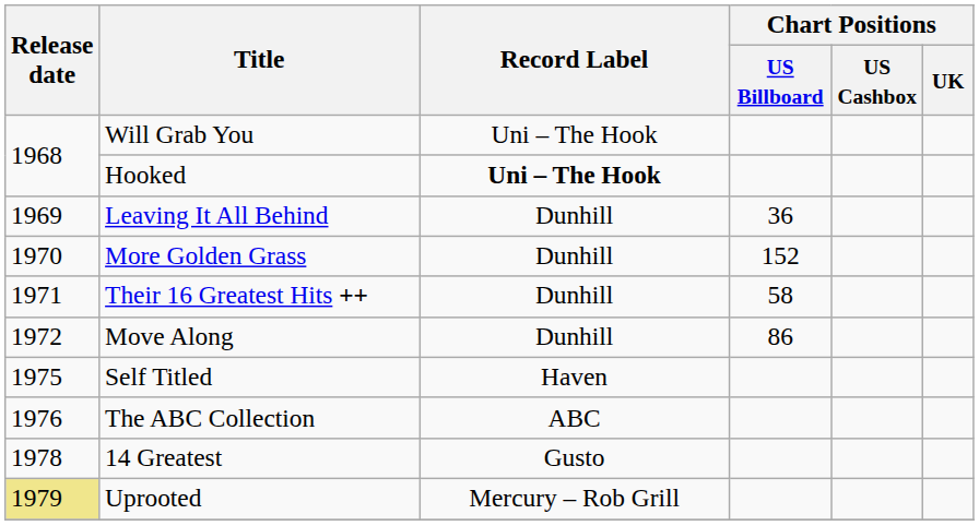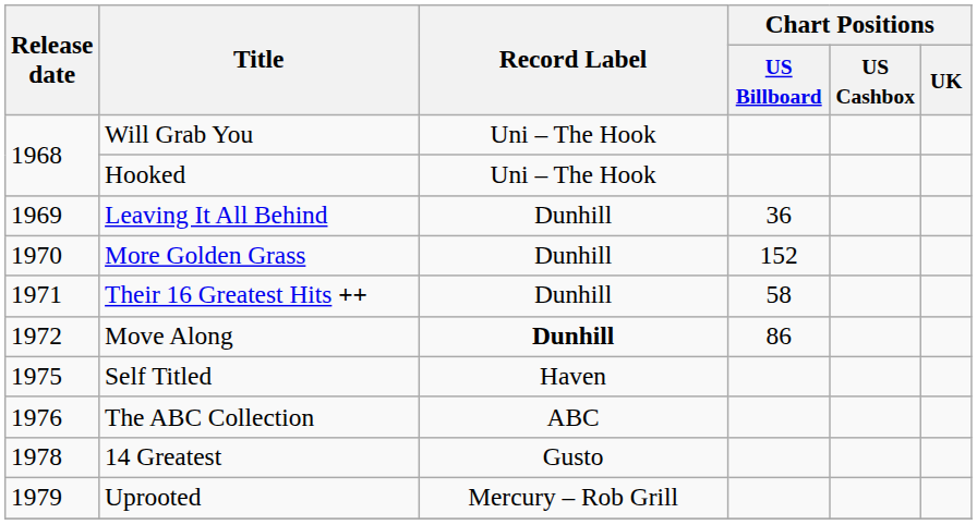 <table class="wikitable">
 <tr>
 <th width="20" rowspan="2">Release date</th>
 <th width="350" rowspan="2">Title</th>
 <th width="350" rowspan="2">Record Label</th>
 <th colspan="4">Chart Positions</th>
 </tr>
 <tr>
 <th width="60"><small><a href='#'>US Billboard</a></small></th>
 <th width="50"><small> US Cashbox </small></th>
 <th width="30"><small>UK</small></th>
 </tr>
 <tr>
 <td rowspan="2">1968</td>
 <td>Will Grab You</td>
 <td align="center">Uni – The Hook</td>
 <td align="center"></td>
 <td align="center"></td>
 <td align="center"></td>
 </tr>
 <tr>
 <td>Hooked</td>
-<td align="center"><strong>Uni – The Hook</strong></td>
+<td align="center">Uni – The Hook</td>
 <td align="center"></td>
 <td align="center"></td>
 <td align="center"></td>
 </tr>
 <tr>
 <td rowspan="1">1969</td>
 <td><a href='#'>Leaving It All Behind</a></td>
 <td align="center">Dunhill</td>
 <td align="center">36</td>
 <td align="center"></td>
 <td align="center"></td>
 </tr>
 <tr>
 <td rowspan="1">1970</td>
 <td><a href='#'>More Golden Grass</a></td>
 <td align="center">Dunhill</td>
 <td align="center">152</td>
 <td align="center"></td>
 <td align="center"></td>
 </tr>
 <tr>
 <td rowspan="1">1971</td>
 <td><a href='#'>Their 16 Greatest Hits</a> <strong>++</strong></td>
 <td align="center">Dunhill</td>
 <td align="center">58</td>
 <td align="center"></td>
 <td align="center"></td>
 </tr>
 <tr>
 <td rowspan="1">1972</td>
 <td>Move Along</td>
-<td align="center">Dunhill</td>
+<td align="center"><strong>Dunhill</strong></td>
 <td align="center">86</td>
 <td align="center"></td>
 <td align="center"></td>
 </tr>
 <tr>
 <td rowspan="1">1975</td>
 <td>Self Titled</td>
 <td align="center">Haven</td>
 <td align="center"></td>
 <td align="center"></td>
 <td align="center"></td>
 </tr>
 <tr>
 <td rowspan="1">1976</td>
 <td>The ABC Collection</td>
 <td align="center">ABC</td>
 <td align="center"></td>
 <td align="center"></td>
 <td align="center"></td>
 </tr>
 <tr>
 <td rowspan="1">1978</td>
 <td>14 Greatest</td>
 <td align="center">Gusto</td>
 <td align="center"></td>
 <td align="center"></td>
 <td align="center"></td>
 </tr>
 <tr>
-<td rowspan="1" style="background: khaki;">1979</td>
+<td rowspan="1">1979</td>
 <td>Uprooted</td>
 <td align="center">Mercury – Rob Grill</td>
 <td align="center"></td>
 <td align="center"></td>
 <td align="center"></td>
 </tr>
 <tr>
 </tr>
 </table>
